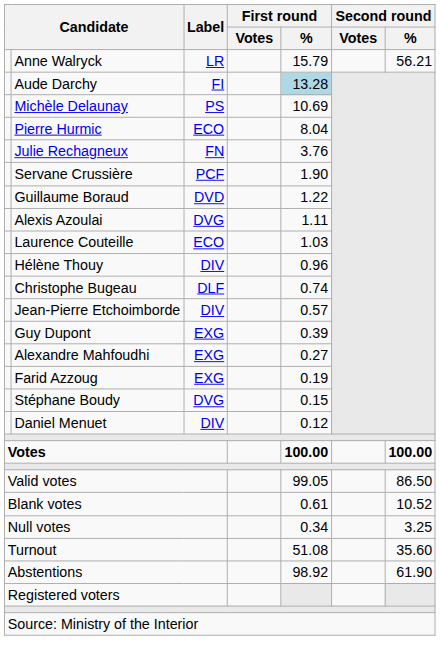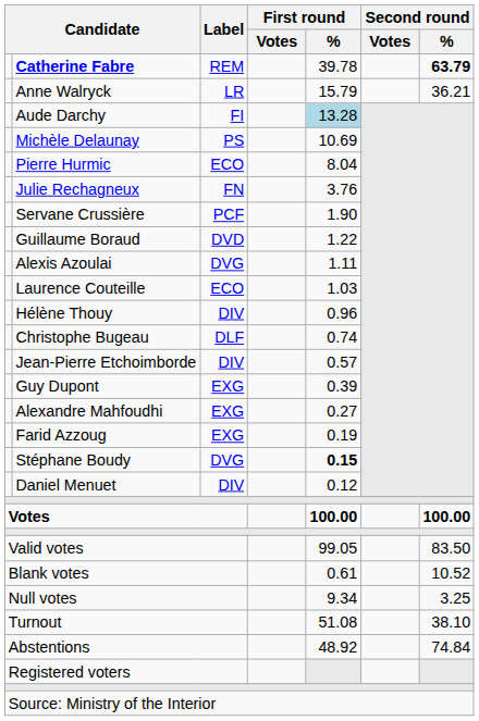 <table class="wikitable" style="text-align:right;font-size:95%;">
 <tr>
 <th rowspan="2" colspan="2">Candidate</th>
 <th rowspan="2">Label</th>
 <th colspan="2">First round</th>
 <th colspan="2">Second round</th>
 </tr>
 <tr>
 <th style="width:50px;">Votes</th>
 <th style="width:45px;">%</th>
 <th style="width:50px;">Votes</th>
 <th style="width:45px;">%</th>
 </tr>
 <tr>
 <td style="color:inherit;background:"></td>
+<td style="text-align:left;"><strong><a href='#'>Catherine Fabre</a></strong></td>
+<td><a href='#'>REM</a></td>
+<td></td>
+<td>39.78</td>
+<td><strong></strong></td>
+<td><strong>63.79</strong></td>
+</tr>
+<tr>
+<td style="color:inherit;background:"></td>
 <td style="text-align:left;">Anne Walryck</td>
 <td><a href='#'>LR</a></td>
 <td></td>
 <td>15.79</td>
 <td></td>
-<td>56.21</td>
+<td>36.21</td>
 </tr>
 <tr>
 <td style="color:inherit;background:"></td>
 <td style="text-align:left;">Aude Darchy</td>
 <td><a href='#'>FI</a></td>
 <td></td>
 <td style="background: lightblue;">13.28</td>
 <td colspan="2" rowspan="16" style="background:#E9E9E9;"></td>
 </tr>
 <tr>
 <td style="color:inherit;background:"></td>
 <td style="text-align:left;"><a href='#'>Michèle Delaunay</a></td>
 <td><a href='#'>PS</a></td>
 <td></td>
 <td>10.69</td>
 </tr>
 <tr>
 <td style="color:inherit;background:"></td>
 <td style="text-align:left;"><a href='#'>Pierre Hurmic</a></td>
 <td><a href='#'>ECO</a></td>
 <td></td>
 <td>8.04</td>
 </tr>
 <tr>
 <td style="color:inherit;background:"></td>
 <td style="text-align:left;"><a href='#'>Julie Rechagneux</a></td>
 <td><a href='#'>FN</a></td>
 <td></td>
 <td>3.76</td>
 </tr>
 <tr>
 <td style="color:inherit;background:"></td>
 <td style="text-align:left;">Servane Crussière</td>
 <td><a href='#'>PCF</a></td>
 <td></td>
 <td>1.90</td>
 </tr>
 <tr>
 <td style="color:inherit;background:"></td>
 <td style="text-align:left;">Guillaume Boraud</td>
 <td><a href='#'>DVD</a></td>
 <td></td>
 <td>1.22</td>
 </tr>
 <tr>
 <td style="color:inherit;background:"></td>
 <td style="text-align:left;">Alexis Azoulai</td>
 <td><a href='#'>DVG</a></td>
 <td></td>
 <td>1.11</td>
 </tr>
 <tr>
 <td style="color:inherit;background:"></td>
 <td style="text-align:left;">Laurence Couteille</td>
 <td><a href='#'>ECO</a></td>
 <td></td>
 <td>1.03</td>
 </tr>
 <tr>
 <td style="color:inherit;background:"></td>
 <td style="text-align:left;">Hélène Thouy</td>
 <td><a href='#'>DIV</a></td>
 <td></td>
 <td>0.96</td>
 </tr>
 <tr>
 <td style="color:inherit;background:"></td>
 <td style="text-align:left;">Christophe Bugeau</td>
 <td><a href='#'>DLF</a></td>
 <td></td>
 <td>0.74</td>
 </tr>
 <tr>
 <td style="color:inherit;background:"></td>
 <td style="text-align:left;">Jean-Pierre Etchoimborde</td>
 <td><a href='#'>DIV</a></td>
 <td></td>
 <td>0.57</td>
 </tr>
 <tr>
 <td style="color:inherit;background:"></td>
 <td style="text-align:left;">Guy Dupont</td>
 <td><a href='#'>EXG</a></td>
 <td></td>
 <td>0.39</td>
 </tr>
 <tr>
 <td style="color:inherit;background:"></td>
 <td style="text-align:left;">Alexandre Mahfoudhi</td>
 <td><a href='#'>EXG</a></td>
 <td></td>
 <td>0.27</td>
 </tr>
 <tr>
 <td style="color:inherit;background:"></td>
 <td style="text-align:left;">Farid Azzoug</td>
 <td><a href='#'>EXG</a></td>
 <td></td>
 <td>0.19</td>
 </tr>
 <tr>
 <td style="color:inherit;background:"></td>
 <td style="text-align:left;">Stéphane Boudy</td>
 <td><a href='#'>DVG</a></td>
 <td></td>
-<td>0.15</td>
+<td><strong>0.15</strong></td>
 </tr>
 <tr>
 <td style="color:inherit;background:"></td>
 <td style="text-align:left;">Daniel Menuet</td>
 <td><a href='#'>DIV</a></td>
 <td></td>
 <td>0.12</td>
 </tr>
 <tr>
 <td colspan="7" style="background:#E9E9E9;"></td>
 </tr>
 <tr style="font-weight:bold;">
 <td colspan="3" style="text-align:left;">Votes</td>
 <td></td>
 <td>100.00</td>
 <td></td>
 <td>100.00</td>
 </tr>
 <tr>
 <td colspan="7" style="background:#E9E9E9;"></td>
 </tr>
 <tr>
 <td colspan="3" style="text-align:left;">Valid votes</td>
 <td></td>
 <td>99.05</td>
 <td></td>
-<td>86.50</td>
+<td>83.50</td>
 </tr>
 <tr>
 <td colspan="3" style="text-align:left;">Blank votes</td>
 <td></td>
 <td>0.61</td>
 <td></td>
 <td>10.52</td>
 </tr>
 <tr>
 <td colspan="3" style="text-align:left;">Null votes</td>
 <td></td>
-<td>0.34</td>
+<td>9.34</td>
 <td></td>
 <td>3.25</td>
 </tr>
 <tr>
 <td colspan="3" style="text-align:left;">Turnout</td>
 <td></td>
 <td>51.08</td>
 <td></td>
-<td>35.60</td>
+<td>38.10</td>
 </tr>
 <tr>
 <td colspan="3" style="text-align:left;">Abstentions</td>
 <td></td>
-<td>98.92</td>
+<td>48.92</td>
 <td></td>
-<td>61.90</td>
+<td>74.84</td>
 </tr>
 <tr>
 <td colspan="3" style="text-align:left;">Registered voters</td>
 <td></td>
 <td style="color:inherit;background:#E9E9E9;"></td>
 <td></td>
 <td style="color:inherit;background:#E9E9E9;"></td>
 </tr>
 <tr>
 <td colspan="7" style="background:#E9E9E9;"></td>
 </tr>
 <tr>
 <td colspan="7" style="text-align:left;">Source: Ministry of the Interior</td>
 </tr>
 </table>
